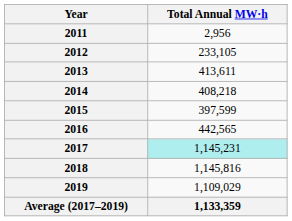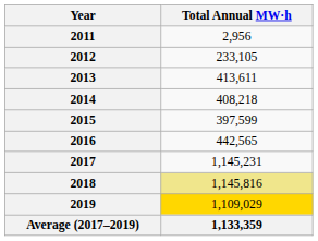 <table class=wikitable style="text-align:center; font-size:0.9em; width:350px;">
 <tr>
 <th>Year</th>
 <th>Total Annual <a href='#'>MW·h</a></th>
 </tr>
 <tr>
 <th>2011</th>
 <td>2,956</td>
 </tr>
 <tr>
 <th>2012</th>
 <td>233,105</td>
 </tr>
 <tr>
 <th>2013</th>
 <td>413,611</td>
 </tr>
 <tr>
 <th>2014</th>
 <td>408,218</td>
 </tr>
 <tr>
 <th>2015</th>
 <td>397,599</td>
 </tr>
 <tr>
 <th>2016</th>
 <td>442,565</td>
 </tr>
 <tr>
 <th>2017</th>
-<td style="background: paleturquoise;">1,145,231</td>
+<td>1,145,231</td>
 </tr>
 <tr>
 <th>2018</th>
-<td>1,145,816</td>
+<td style="background: khaki;">1,145,816</td>
 </tr>
 <tr>
 <th>2019</th>
-<td>1,109,029</td>
+<td style="background: gold;">1,109,029</td>
 </tr>
 <tr>
 <th>Average (2017–2019)</th>
 <th>1,133,359</th>
 </tr>
 </table>
